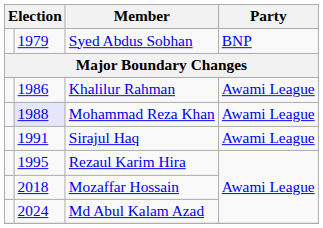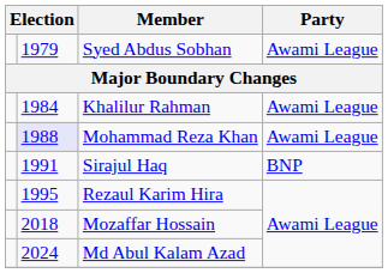 <table class="wikitable">
 <tr>
 <th colspan="2">Election</th>
 <th>Member</th>
 <th>Party</th>
 </tr>
 <tr>
 <td style="background-color:"></td>
 <td><a href='#'>1979</a></td>
 <td><a href='#'>Syed Abdus Sobhan</a></td>
-<td><a href='#'>BNP</a></td>
+<td><a href='#'>Awami League</a></td>
 </tr>
 <tr>
 <th colspan="4">Major Boundary Changes</th>
 </tr>
 <tr>
 <td style="background-color:"></td>
-<td><a href='#'>1986</a></td>
+<td><a href='#'>1984</a></td>
 <td><a href='#'>Khalilur Rahman</a></td>
 <td><a href='#'>Awami League</a></td>
 </tr>
 <tr>
 <td style="background-color:"></td>
 <td style="background: lavender;"><a href='#'>1988</a></td>
 <td><a href='#'>Mohammad Reza Khan</a></td>
 <td><a href='#'>Awami League</a></td>
 </tr>
 <tr>
 <td style="background-color:"></td>
 <td><a href='#'>1991</a></td>
 <td><a href='#'>Sirajul Haq</a></td>
-<td><a href='#'>Awami League</a></td>
+<td><a href='#'>BNP</a></td>
 </tr>
 <tr>
 <td style="background-color:"></td>
 <td><a href='#'>1995</a></td>
 <td><a href='#'>Rezaul Karim Hira</a></td>
 <td rowspan="3"><a href='#'>Awami League</a></td>
 </tr>
 <tr>
 <td style="background-color:"></td>
 <td><a href='#'>2018</a></td>
 <td><a href='#'>Mozaffar Hossain</a></td>
 </tr>
 <tr>
 <td style="background-color:"></td>
 <td><a href='#'>2024</a></td>
 <td><a href='#'>Md Abul Kalam Azad</a></td>
 </tr>
 <tr>
 </tr>
 </table>
